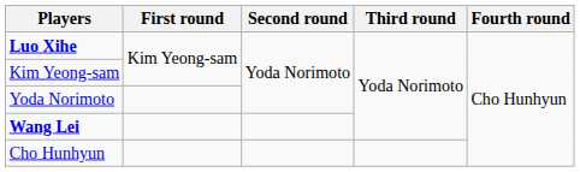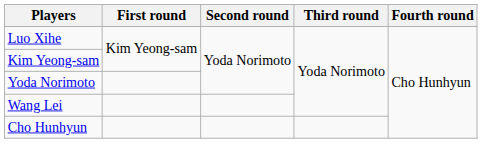 <table class="wikitable">
 <tr>
 <th>Players</th>
 <th>First round</th>
 <th>Second round</th>
 <th>Third round</th>
 <th>Fourth round</th>
 </tr>
 <tr>
-<td><strong> <a href='#'>Luo Xihe</a></strong></td>
+<td> <a href='#'>Luo Xihe</a></td>
 <td rowspan="2" valign="center">Kim Yeong-sam</td>
 <td rowspan="3" valign="center">Yoda Norimoto</td>
 <td rowspan="4" valign="center">Yoda Norimoto</td>
 <td rowspan="5" valign="center">Cho Hunhyun</td>
 </tr>
 <tr>
 <td> <a href='#'>Kim Yeong-sam</a></td>
 </tr>
 <tr>
 <td> <a href='#'>Yoda Norimoto</a></td>
 <td></td>
 </tr>
 <tr>
-<td><strong> <a href='#'>Wang Lei</a></strong></td>
+<td> <a href='#'>Wang Lei</a></td>
 <td></td>
 <td></td>
 </tr>
 <tr>
 <td> <a href='#'>Cho Hunhyun</a></td>
 <td></td>
 <td></td>
 <td></td>
 </tr>
 </table>
